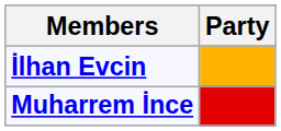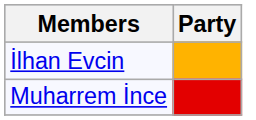 <table class=wikitable style="border:1px solid #8888aa; background-color:#f7f8ff; padding:0px; font-size:90%;">
 <tr>
 <th>Members</th>
 <th colspan="2">Party</th>
 </tr>
 <tr>
-<td><strong><a href='#'>İlhan Evcin</a></strong></td>
+<td><a href='#'>İlhan Evcin</a></td>
 <td style="background: #ffb300"></td>
 </tr>
 <tr>
-<td><strong><a href='#'>Muharrem İnce</a></strong></td>
+<td><a href='#'>Muharrem İnce</a></td>
 <td style="background: #e30000"></td>
 </tr>
 </table>
